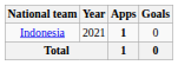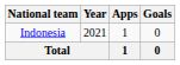 <table class="wikitable" style="text-align:center">
 <tr>
 <th>National team</th>
 <th>Year</th>
 <th>Apps</th>
 <th>Goals</th>
 </tr>
 <tr>
 <td><a href='#'>Indonesia</a></td>
 <td>2021</td>
-<td><strong>1</strong></td>
+<td>1</td>
 <td>0</td>
 </tr>
 <tr>
 <th colspan="2">Total</th>
 <th>1</th>
 <th>0</th>
 </tr>
 </table>
